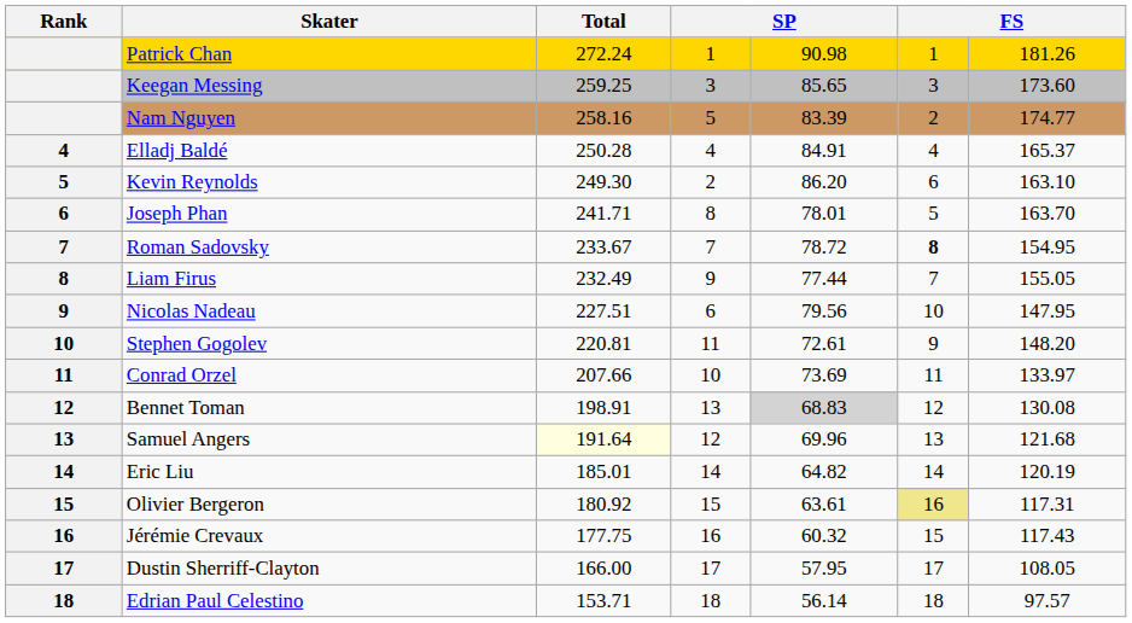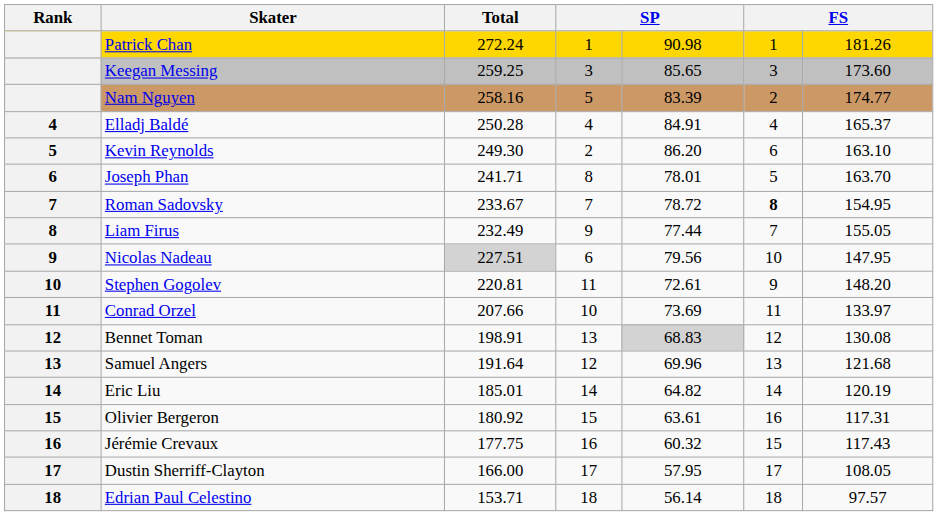 <table class="wikitable sortable" style="text-align:center; width:70%">
 <tr>
 <th scope="col">Rank</th>
 <th scope="col">Skater</th>
 <th scope="col">Total</th>
 <th scope="col" colspan="2" width="80px"><a href='#'>SP</a></th>
 <th scope="col" colspan="2" width="80px"><a href='#'>FS</a></th>
 </tr>
 <tr bgcolor="gold">
 <th scope="row"></th>
 <td align="left"><a href='#'>Patrick Chan</a></td>
 <td align="center">272.24</td>
 <td align="center">1</td>
 <td align="center">90.98</td>
 <td align="center">1</td>
 <td align="center">181.26</td>
 </tr>
 <tr bgcolor="silver">
 <th scope="row"></th>
 <td align="left"><a href='#'>Keegan Messing</a></td>
 <td align="center">259.25</td>
 <td align="center">3</td>
 <td align="center">85.65</td>
 <td align="center">3</td>
 <td align="center">173.60</td>
 </tr>
 <tr bgcolor="cc9966">
 <th scope="row"></th>
 <td align="left"><a href='#'>Nam Nguyen</a></td>
 <td align="center">258.16</td>
 <td align="center">5</td>
 <td align="center">83.39</td>
 <td align="center">2</td>
 <td align="center">174.77</td>
 </tr>
 <tr>
 <th scope="row">4</th>
 <td align="left"><a href='#'>Elladj Baldé</a></td>
 <td align="center">250.28</td>
 <td align="center">4</td>
 <td align="center">84.91</td>
 <td align="center">4</td>
 <td align="center">165.37</td>
 </tr>
 <tr>
 <th scope="row">5</th>
 <td align="left"><a href='#'>Kevin Reynolds</a></td>
 <td align="center">249.30</td>
 <td align="center">2</td>
 <td align="center">86.20</td>
 <td align="center">6</td>
 <td align="center">163.10</td>
 </tr>
 <tr>
 <th scope="row">6</th>
 <td align="left"><a href='#'>Joseph Phan</a></td>
 <td align="center">241.71</td>
 <td align="center">8</td>
 <td align="center">78.01</td>
 <td align="center">5</td>
 <td align="center">163.70</td>
 </tr>
 <tr>
 <th scope="row">7</th>
 <td align="left"><a href='#'>Roman Sadovsky</a></td>
 <td align="center">233.67</td>
 <td align="center">7</td>
 <td align="center">78.72</td>
 <td align="center"><strong>8</strong></td>
 <td align="center">154.95</td>
 </tr>
 <tr>
 <th scope="row">8</th>
 <td align="left"><a href='#'>Liam Firus</a></td>
 <td align="center">232.49</td>
 <td align="center">9</td>
 <td align="center">77.44</td>
 <td align="center">7</td>
 <td align="center">155.05</td>
 </tr>
 <tr>
 <th scope="row">9</th>
 <td align="left"><a href='#'>Nicolas Nadeau</a></td>
-<td align="center">227.51</td>
+<td align="center" style="background: lightgrey;">227.51</td>
 <td align="center">6</td>
 <td align="center">79.56</td>
 <td align="center">10</td>
 <td align="center">147.95</td>
 </tr>
 <tr>
 <th scope="row">10</th>
 <td align="left"><a href='#'>Stephen Gogolev</a></td>
 <td align="center">220.81</td>
 <td align="center">11</td>
 <td align="center">72.61</td>
 <td align="center">9</td>
 <td align="center">148.20</td>
 </tr>
 <tr>
 <th scope="row">11</th>
 <td align="left"><a href='#'>Conrad Orzel</a></td>
 <td align="center">207.66</td>
 <td align="center">10</td>
 <td align="center">73.69</td>
 <td align="center">11</td>
 <td align="center">133.97</td>
 </tr>
 <tr>
 <th scope="row">12</th>
 <td align="left">Bennet Toman</td>
 <td align="center">198.91</td>
 <td align="center">13</td>
 <td align="center" style="background: lightgrey;">68.83</td>
 <td align="center">12</td>
 <td align="center">130.08</td>
 </tr>
 <tr>
 <th scope="row">13</th>
 <td align="left">Samuel Angers</td>
-<td align="center" style="background: lightyellow;">191.64</td>
+<td align="center">191.64</td>
 <td align="center">12</td>
 <td align="center">69.96</td>
 <td align="center">13</td>
 <td align="center">121.68</td>
 </tr>
 <tr>
 <th scope="row">14</th>
 <td align="left">Eric Liu</td>
 <td align="center">185.01</td>
 <td align="center">14</td>
 <td align="center">64.82</td>
 <td align="center">14</td>
 <td align="center">120.19</td>
 </tr>
 <tr>
 <th scope="row">15</th>
 <td align="left">Olivier Bergeron</td>
 <td align="center">180.92</td>
 <td align="center">15</td>
 <td align="center">63.61</td>
-<td align="center" style="background: khaki;">16</td>
+<td align="center">16</td>
 <td align="center">117.31</td>
 </tr>
 <tr>
 <th scope="row">16</th>
 <td align="left">Jérémie Crevaux</td>
 <td align="center">177.75</td>
 <td align="center">16</td>
 <td align="center">60.32</td>
 <td align="center">15</td>
 <td align="center">117.43</td>
 </tr>
 <tr>
 <th scope="row">17</th>
 <td align="left">Dustin Sherriff-Clayton</td>
 <td align="center">166.00</td>
 <td align="center">17</td>
 <td align="center">57.95</td>
 <td align="center">17</td>
 <td align="center">108.05</td>
 </tr>
 <tr>
 <th scope="row">18</th>
 <td align="left"><a href='#'>Edrian Paul Celestino</a></td>
 <td align="center">153.71</td>
 <td align="center">18</td>
 <td align="center">56.14</td>
 <td align="center">18</td>
 <td align="center">97.57</td>
 </tr>
 </table>
